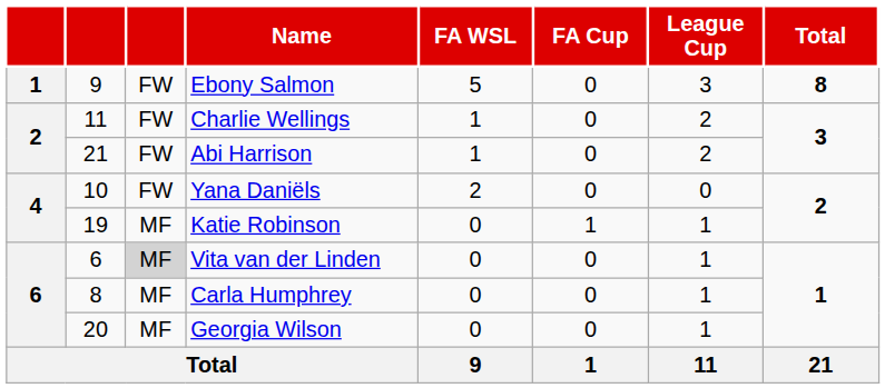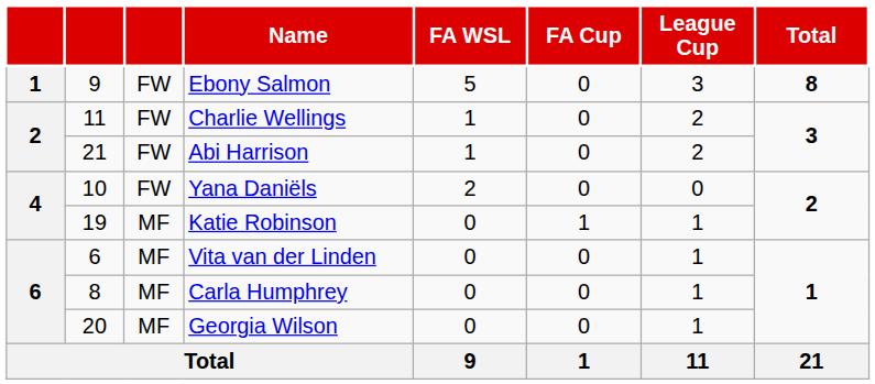 <table class="wikitable" style="text-align:center;">
 <tr>
 <th style="background:#DD0000;color:#FFFFFF;border:2px solid #FFFFFF; width:35px;"></th>
 <th style="background:#DD0000;color:#FFFFFF;border:2px solid #FFFFFF; width:35px;"></th>
 <th style="background:#DD0000;color:#FFFFFF;border:2px solid #FFFFFF; width:35px;"></th>
 <th style="background:#DD0000;color:#FFFFFF;border:2px solid #FFFFFF; width:160px;">Name</th>
 <th style="background:#DD0000;color:#FFFFFF;border:2px solid #FFFFFF; width:75px;">FA WSL</th>
 <th style="background:#DD0000;color:#FFFFFF;border:2px solid #FFFFFF; width:75px;">FA Cup</th>
 <th style="background:#DD0000;color:#FFFFFF;border:2px solid #FFFFFF; width:75px;">League Cup</th>
 <th style="background:#DD0000;color:#FFFFFF;border:2px solid #FFFFFF; width:75px;">Total</th>
 </tr>
 <tr>
 <th>1</th>
 <td>9</td>
 <td>FW</td>
 <td align="left"> <a href='#'>Ebony Salmon</a></td>
 <td>5</td>
 <td>0</td>
 <td>3</td>
 <td><strong>8</strong></td>
 </tr>
 <tr>
 <th rowspan="2">2</th>
 <td>11</td>
 <td>FW</td>
 <td align="left"> <a href='#'>Charlie Wellings</a></td>
 <td>1</td>
 <td>0</td>
 <td>2</td>
 <td rowspan="2"><strong>3</strong></td>
 </tr>
 <tr>
 <td>21</td>
 <td>FW</td>
 <td align="left"> <a href='#'>Abi Harrison</a></td>
 <td>1</td>
 <td>0</td>
 <td>2</td>
 </tr>
 <tr>
 <th rowspan="2">4</th>
 <td>10</td>
 <td>FW</td>
 <td align="left"> <a href='#'>Yana Daniëls</a></td>
 <td>2</td>
 <td>0</td>
 <td>0</td>
 <td rowspan="2"><strong>2</strong></td>
 </tr>
 <tr>
 <td>19</td>
 <td>MF</td>
 <td align="left"> <a href='#'>Katie Robinson</a></td>
 <td>0</td>
 <td>1</td>
 <td>1</td>
 </tr>
 <tr>
 <th rowspan="3">6</th>
 <td>6</td>
-<td style="background: lightgrey;">MF</td>
+<td>MF</td>
 <td align="left"> <a href='#'>Vita van der Linden</a></td>
 <td>0</td>
 <td>0</td>
 <td>1</td>
 <td rowspan="3"><strong>1</strong></td>
 </tr>
 <tr>
 <td>8</td>
 <td>MF</td>
 <td align="left"> <a href='#'>Carla Humphrey</a></td>
 <td>0</td>
 <td>0</td>
 <td>1</td>
 </tr>
 <tr>
 <td>20</td>
 <td>MF</td>
 <td align="left"> <a href='#'>Georgia Wilson</a></td>
 <td>0</td>
 <td>0</td>
 <td>1</td>
 </tr>
 <tr>
 <th colspan="4">Total</th>
 <th>9</th>
 <th>1</th>
 <th>11</th>
 <th>21</th>
 </tr>
 </table>
